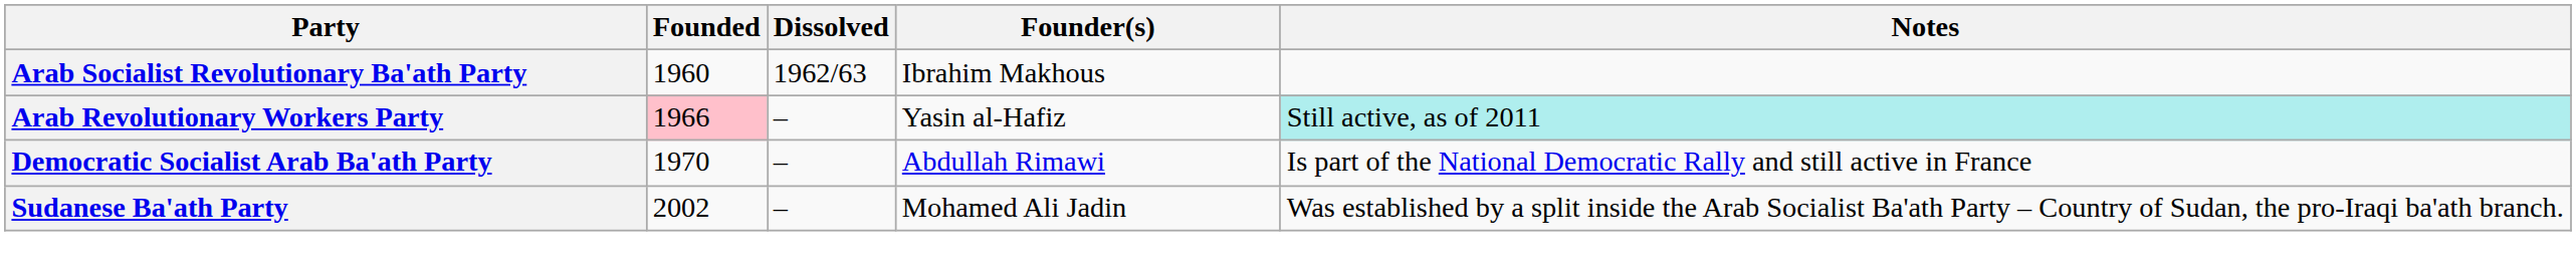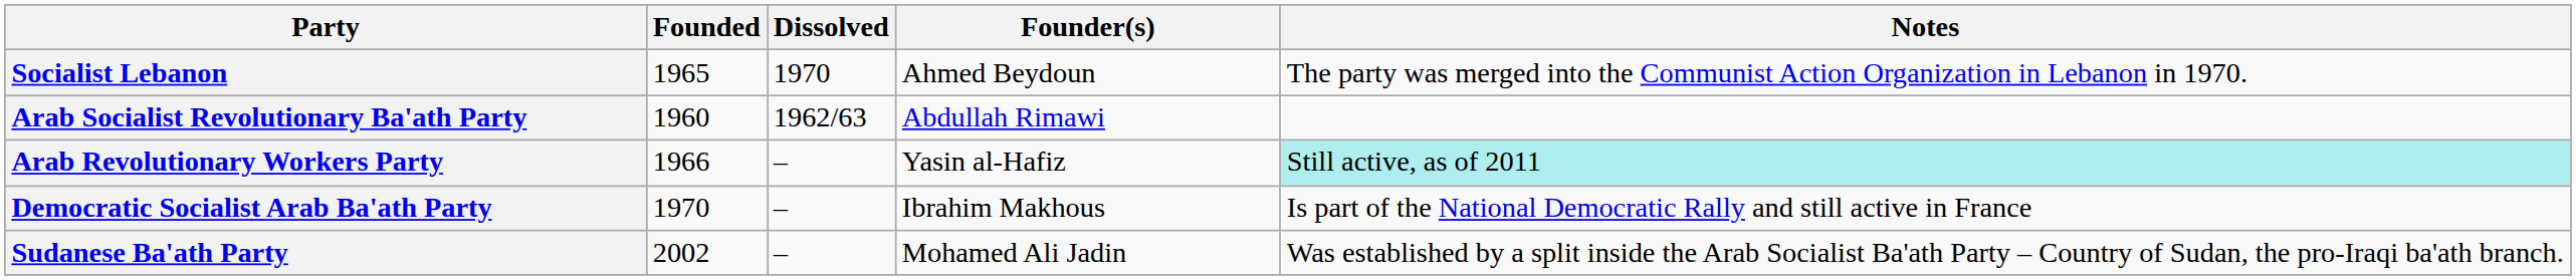 <table class="wikitable sortable" style="align:center">
 <tr>
 <th style="width:25%">Party</th>
 <th>Founded</th>
 <th>Dissolved</th>
 <th style="width:15%">Founder(s)</th>
 <th>Notes</th>
 </tr>
 <tr>
+<th style="text-align:left"><a href='#'>Socialist Lebanon</a></th>
+<td>1965</td>
+<td>1970</td>
+<td>Ahmed Beydoun</td>
+<td>The party was merged into the <a href='#'>Communist Action Organization in Lebanon</a> in 1970.</td>
+</tr>
+<tr>
 <th style="text-align:left"><a href='#'>Arab Socialist Revolutionary Ba'ath Party</a></th>
 <td>1960</td>
 <td>1962/63</td>
-<td>Ibrahim Makhous</td>
+<td><a href='#'>Abdullah Rimawi</a></td>
 <td></td>
 </tr>
 <tr>
 <th style="text-align:left"><a href='#'>Arab Revolutionary Workers Party</a></th>
-<td style="background: pink;">1966</td>
+<td>1966</td>
 <td>–</td>
 <td>Yasin al-Hafiz</td>
 <td style="background: paleturquoise;">Still active, as of 2011</td>
 </tr>
 <tr>
 <th style="text-align:left"><a href='#'>Democratic Socialist Arab Ba'ath Party</a></th>
 <td>1970</td>
 <td>–</td>
-<td><a href='#'>Abdullah Rimawi</a></td>
+<td>Ibrahim Makhous</td>
 <td>Is part of the <a href='#'>National Democratic Rally</a> and still active in France</td>
 </tr>
 <tr>
 <th style="text-align:left"><a href='#'>Sudanese Ba'ath Party</a></th>
 <td>2002</td>
 <td>–</td>
 <td>Mohamed Ali Jadin</td>
 <td>Was established by a split inside the Arab Socialist Ba'ath Party – Country of Sudan, the pro-Iraqi ba'ath branch.</td>
 </tr>
 </table>
